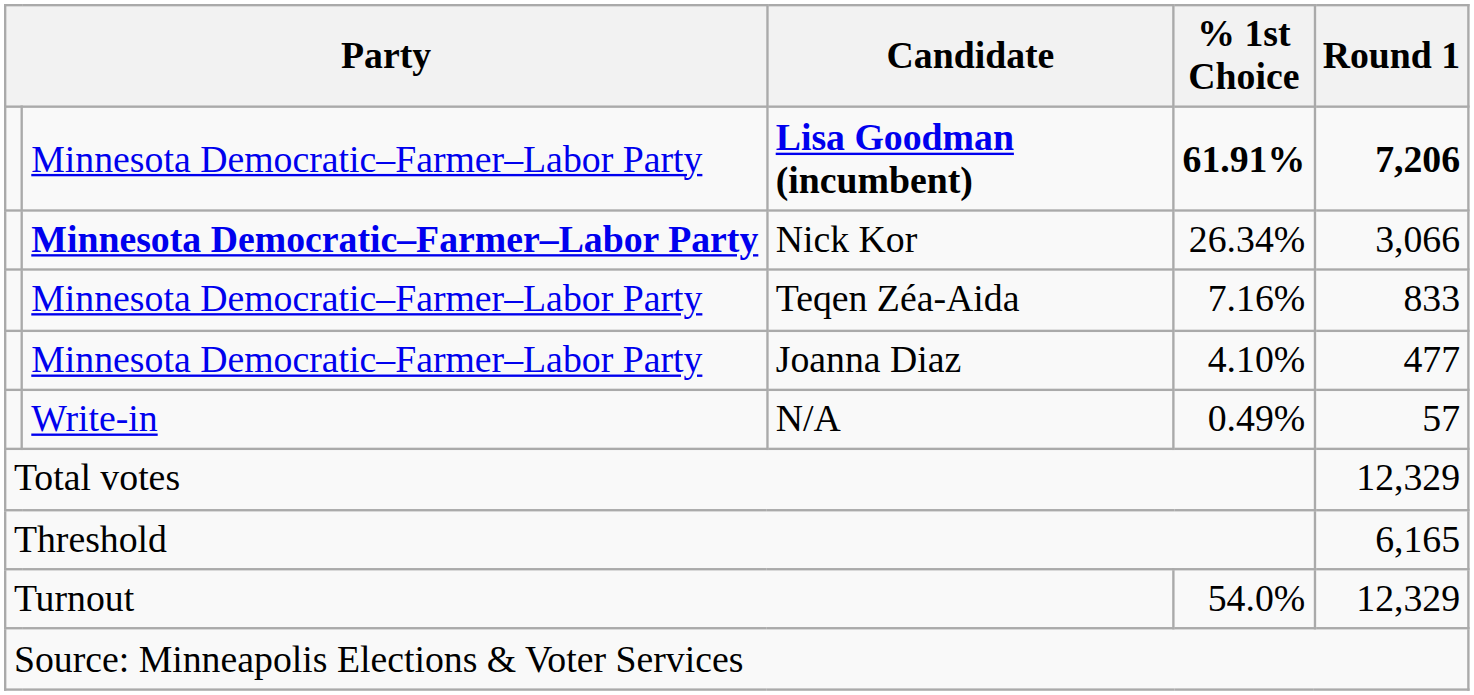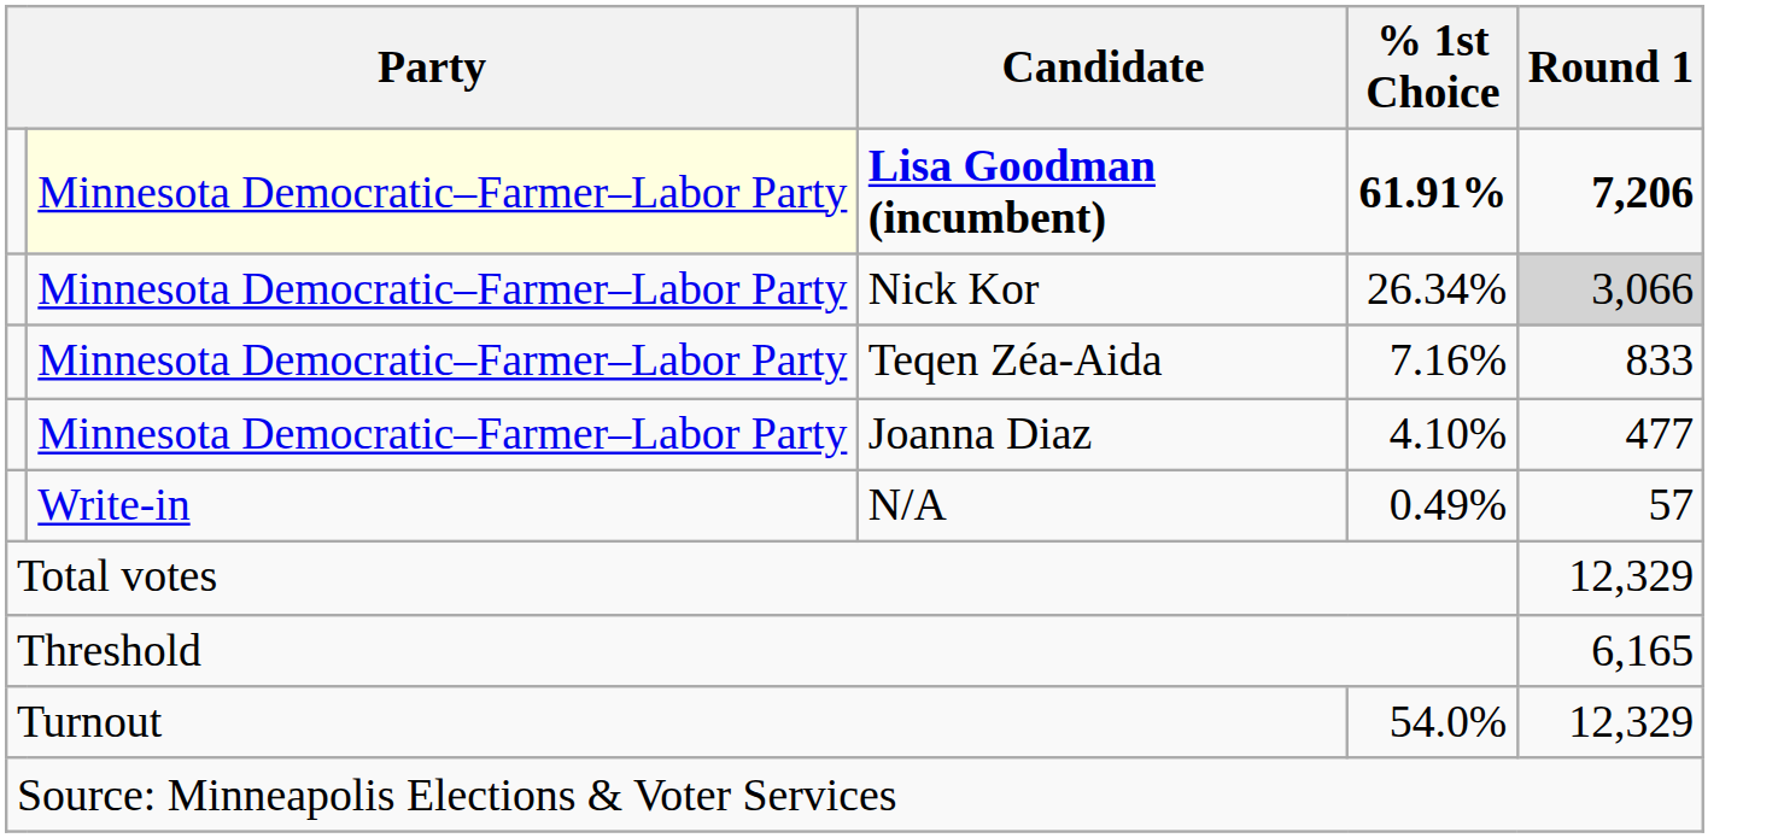 <table class="wikitable">
 <tr>
 <th colspan="2" style="width:290px">Party</th>
 <th style="width:165px">Candidate</th>
 <th>% 1st<br>Choice</th>
 <th>Round 1</th>
 </tr>
 <tr>
 <td style="background-color:"></td>
-<td><a href='#'>Minnesota Democratic–Farmer–Labor Party</a></td>
+<td style="background: lightyellow;"><a href='#'>Minnesota Democratic–Farmer–Labor Party</a></td>
 <td><strong><a href='#'>Lisa Goodman</a> (incumbent)</strong></td>
 <td align="right"><strong>61.91%</strong></td>
 <td align="right"><strong>7,206</strong></td>
 </tr>
 <tr>
 <td style="background-color:"></td>
-<td><strong><a href='#'>Minnesota Democratic–Farmer–Labor Party</a></strong></td>
+<td><a href='#'>Minnesota Democratic–Farmer–Labor Party</a></td>
 <td>Nick Kor</td>
 <td align="right">26.34%</td>
-<td align="right">3,066</td>
+<td align="right" style="background: lightgrey;">3,066</td>
 </tr>
 <tr>
 <td style="background-color:"></td>
 <td><a href='#'>Minnesota Democratic–Farmer–Labor Party</a></td>
 <td>Teqen Zéa-Aida</td>
 <td align="right">7.16%</td>
 <td align="right">833</td>
 </tr>
 <tr>
 <td style="background-color:"></td>
 <td><a href='#'>Minnesota Democratic–Farmer–Labor Party</a></td>
 <td>Joanna Diaz</td>
 <td align="right">4.10%</td>
 <td align="right">477</td>
 </tr>
 <tr>
 <td style="background-color:"></td>
 <td><a href='#'>Write-in</a></td>
 <td>N/A</td>
 <td align="right">0.49%</td>
 <td align="right">57</td>
 </tr>
 <tr>
 <td colspan="4">Total votes</td>
 <td align="right">12,329</td>
 </tr>
 <tr>
 <td colspan="4">Threshold</td>
 <td align="right">6,165</td>
 </tr>
 <tr>
 <td colspan="3">Turnout</td>
 <td align="right">54.0%</td>
 <td align="right">12,329</td>
 </tr>
 <tr>
 <td colspan="8">Source: Minneapolis Elections & Voter Services</td>
 </tr>
 </table>
